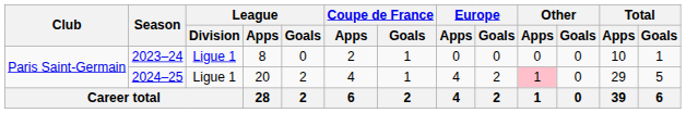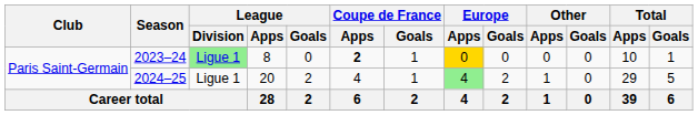 <table class="wikitable" style="text-align: center">
 <tr>
 <th rowspan="2">Club</th>
 <th rowspan="2">Season</th>
 <th colspan="3">League</th>
 <th colspan="2"><a href='#'>Coupe de France</a></th>
 <th colspan="2"><a href='#'>Europe</a></th>
 <th colspan="2">Other</th>
 <th colspan="2">Total</th>
 </tr>
 <tr>
 <th>Division</th>
 <th>Apps</th>
 <th>Goals</th>
 <th>Apps</th>
 <th>Goals</th>
 <th>Apps</th>
 <th>Goals</th>
 <th>Apps</th>
 <th>Goals</th>
 <th>Apps</th>
 <th>Goals</th>
 </tr>
 <tr>
 <td rowspan="2"><a href='#'>Paris Saint-Germain</a></td>
 <td><a href='#'>2023–24</a></td>
-<td><a href='#'>Ligue 1</a></td>
+<td style="background: lightgreen;"><a href='#'>Ligue 1</a></td>
 <td>8</td>
 <td>0</td>
-<td>2</td>
+<td><strong>2</strong></td>
 <td>1</td>
-<td>0</td>
+<td style="background: gold;">0</td>
 <td>0</td>
 <td>0</td>
 <td>0</td>
 <td>10</td>
 <td>1</td>
 </tr>
 <tr>
 <td><a href='#'>2024–25</a></td>
 <td>Ligue 1</td>
 <td>20</td>
 <td>2</td>
 <td>4</td>
 <td>1</td>
-<td>4</td>
+<td style="background: lightgreen;">4</td>
 <td>2</td>
-<td style="background: pink;">1</td>
+<td>1</td>
 <td>0</td>
 <td>29</td>
 <td>5</td>
 </tr>
 <tr>
 <th colspan="3">Career total</th>
 <th>28</th>
 <th>2</th>
 <th>6</th>
 <th>2</th>
 <th>4</th>
 <th>2</th>
 <th>1</th>
 <th>0</th>
 <th>39</th>
 <th>6</th>
 </tr>
 </table>
